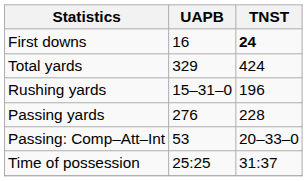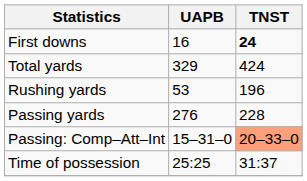 <table class="wikitable" style="float: left;">
 <tr>
 <th>Statistics</th>
 <th>UAPB</th>
 <th>TNST</th>
 </tr>
 <tr>
 <td>First downs</td>
 <td>16</td>
 <td><strong>24</strong></td>
 </tr>
 <tr>
 <td>Total yards</td>
 <td>329</td>
 <td>424</td>
 </tr>
 <tr>
 <td>Rushing yards</td>
-<td>15–31–0</td>
+<td>53</td>
 <td>196</td>
 </tr>
 <tr>
 <td>Passing yards</td>
 <td>276</td>
 <td>228</td>
 </tr>
 <tr>
 <td>Passing: Comp–Att–Int</td>
-<td>53</td>
-<td>20–33–0</td>
+<td>15–31–0</td>
+<td style="background: lightsalmon;">20–33–0</td>
 </tr>
 <tr>
 <td>Time of possession</td>
 <td>25:25</td>
 <td>31:37</td>
 </tr>
 <tr>
 </tr>
 </table>
